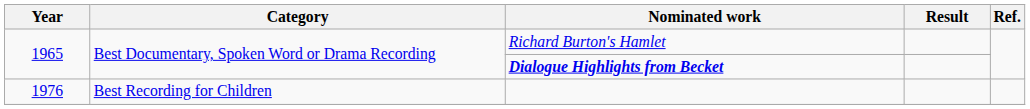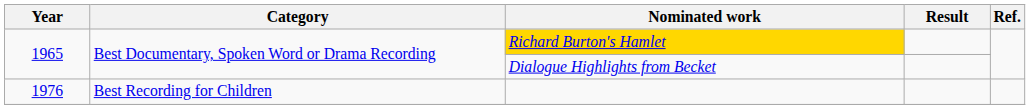 <table class=wikitable>
 <tr>
 <th scope="col" style="width:5em;">Year</th>
 <th scope="col" style="width:26em;">Category</th>
 <th scope="col" style="width:25em;">Nominated work</th>
 <th scope="col" style="width:5em;">Result</th>
 <th>Ref.</th>
 </tr>
 <tr>
 <td rowspan=2, style="text-align:center;"><a href='#'>1965</a></td>
 <td rowspan=2><a href='#'>Best Documentary, Spoken Word or Drama Recording</a></td>
-<td><em><a href='#'>Richard Burton's Hamlet</a></em></td>
+<td style="background: gold;"><em><a href='#'>Richard Burton's Hamlet</a></em></td>
 <td></td>
 <td rowspan=2></td>
 </tr>
 <tr>
-<td><strong><em><a href='#'>Dialogue Highlights from Becket</a></em></strong></td>
+<td><em><a href='#'>Dialogue Highlights from Becket</a></em></td>
 <td></td>
 </tr>
 <tr>
 <td style="text-align:center;"><a href='#'>1976</a></td>
 <td><a href='#'>Best Recording for Children</a></td>
 <td><em></em></td>
 <td></td>
 <td></td>
 </tr>
 <tr>
 </tr>
 </table>
